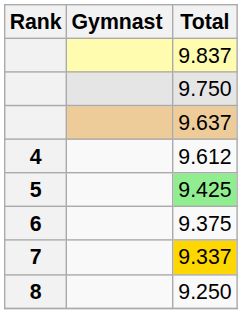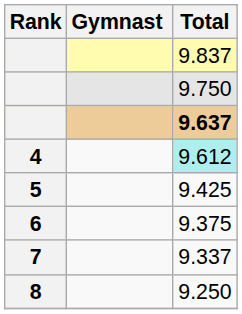 <table class="wikitable sortable" style="text-align:center; font-size:95%">
 <tr>
 <th scope=col>Rank</th>
 <th scope=col>Gymnast </th>
 <th scope=col>Total</th>
 </tr>
 <tr bgcolor=fffcaf>
 <th scope=row style="text-align:center"></th>
 <td align=left> </td>
 <td>9.837</td>
 </tr>
 <tr bgcolor=e5e5e5>
 <th scope=row style="text-align:center"></th>
 <td align=left> </td>
 <td>9.750</td>
 </tr>
 <tr bgcolor=eecc99>
 <th scope=row style="text-align:center"></th>
 <td align=left> </td>
-<td>9.637</td>
+<td><strong>9.637</strong></td>
 </tr>
 <tr>
 <th scope=row style="text-align:center">4</th>
 <td align=left> </td>
-<td>9.612</td>
+<td style="background: paleturquoise;">9.612</td>
 </tr>
 <tr>
 <th scope=row style="text-align:center">5</th>
 <td align=left> </td>
-<td style="background: lightgreen;">9.425</td>
+<td>9.425</td>
 </tr>
 <tr>
 <th scope=row style="text-align:center">6</th>
 <td align=left> </td>
 <td>9.375</td>
 </tr>
 <tr>
 <th scope=row style="text-align:center">7</th>
 <td align=left> </td>
-<td style="background: gold;">9.337</td>
+<td>9.337</td>
 </tr>
 <tr>
 <th scope=row style="text-align:center">8</th>
 <td align=left> </td>
 <td>9.250</td>
 </tr>
 <tr>
 </tr>
 </table>
